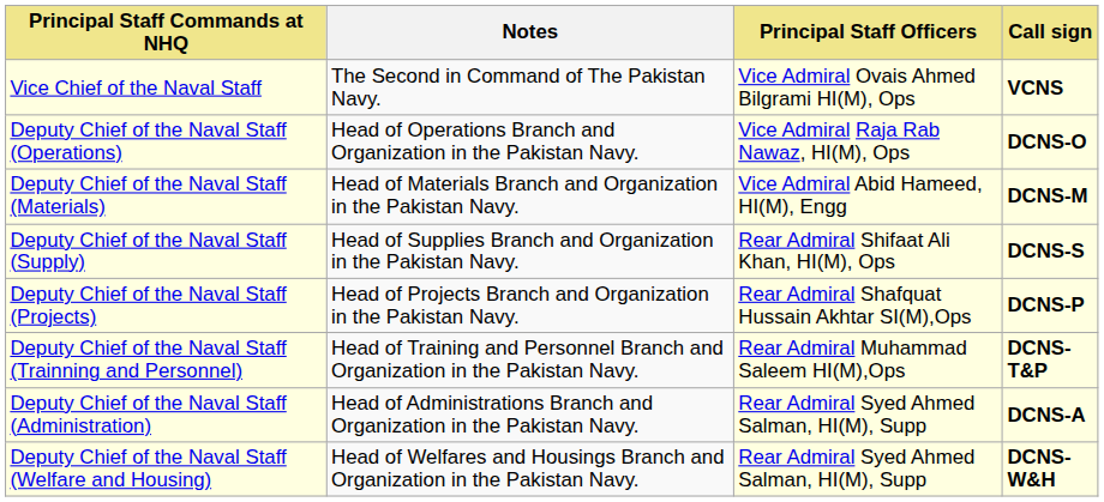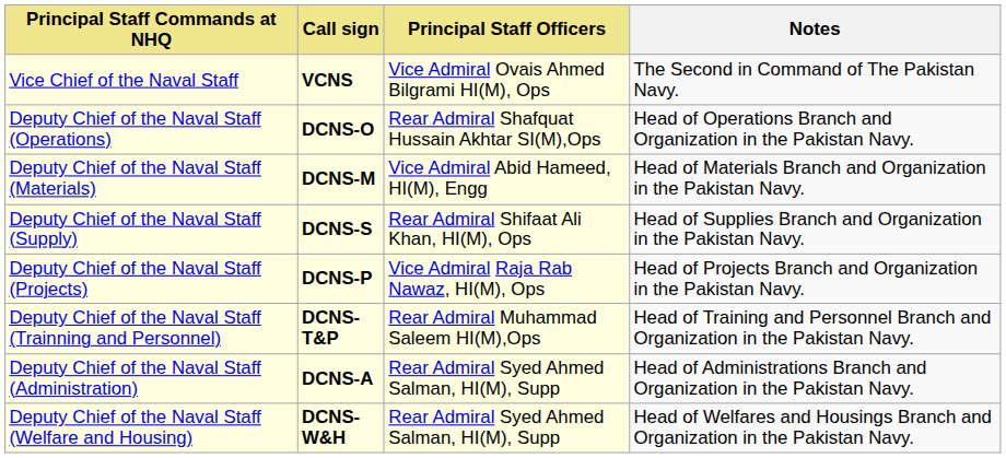 <table class="wikitable">
 <tr>
 <th style="background:khaki;">Principal Staff Commands at NHQ</th>
+<th style="background:khaki;">Call sign</th>
+<th style="background:khaki;">Principal Staff Officers</th>
 <th>Notes</th>
-<th style="background:khaki;">Principal Staff Officers</th>
-<th style="background:khaki;">Call sign</th>
 </tr>
 <tr>
 <td style="background:#FFFFE0  ;"><a href='#'>Vice Chief of the Naval Staff</a></td>
+<td style="background:#FFFFE0  ;"><strong> VCNS</strong></td>
+<td style="background:#FFFFE0  ;"><a href='#'>Vice Admiral</a> Ovais Ahmed Bilgrami HI(M), Ops</td>
 <td>The Second in Command of The Pakistan Navy.</td>
-<td style="background:#FFFFE0  ;"><a href='#'>Vice Admiral</a> Ovais Ahmed Bilgrami HI(M), Ops</td>
-<td style="background:#FFFFE0  ;"><strong> VCNS</strong></td>
 </tr>
 <tr>
 <td style="background:#FFFFE0  ;"><a href='#'>Deputy Chief of the Naval Staff (Operations)</a></td>
+<td style="background:#FFFFE0  ;"><strong>DCNS-O</strong></td>
+<td style="background:#FFFFE0  ;"><a href='#'>Rear Admiral</a> Shafquat Hussain Akhtar SI(M),Ops</td>
 <td>Head of Operations Branch and Organization in the Pakistan Navy.</td>
-<td style="background:#FFFFE0  ;"><a href='#'>Vice Admiral</a> <a href='#'>Raja Rab Nawaz</a>, HI(M), Ops</td>
-<td style="background:#FFFFE0  ;"><strong>DCNS-O</strong></td>
 </tr>
 <tr>
 <td style="background:#FFFFE0  ;"><a href='#'>Deputy Chief of the Naval Staff (Materials)</a></td>
+<td style="background:#FFFFE0  ;"><strong>DCNS-M</strong></td>
+<td style="background:#FFFFE0  ;"><a href='#'>Vice Admiral</a> Abid Hameed, HI(M), Engg</td>
 <td>Head of Materials Branch and Organization in the Pakistan Navy.</td>
-<td style="background:#FFFFE0  ;"><a href='#'>Vice Admiral</a> Abid Hameed, HI(M), Engg</td>
-<td style="background:#FFFFE0  ;"><strong>DCNS-M</strong></td>
 </tr>
 <tr>
 <td style="background:#FFFFE0  ;"><a href='#'>Deputy Chief of the Naval Staff (Supply)</a></td>
+<td style="background:#FFFFE0  ;"><strong>DCNS-S</strong></td>
+<td style="background:#FFFFE0  ;"><a href='#'>Rear Admiral</a> Shifaat Ali Khan, HI(M), Ops</td>
 <td>Head of Supplies Branch and Organization in the Pakistan Navy.</td>
-<td style="background:#FFFFE0  ;"><a href='#'>Rear Admiral</a> Shifaat Ali Khan, HI(M), Ops</td>
-<td style="background:#FFFFE0  ;"><strong>DCNS-S</strong></td>
 </tr>
 <tr>
 <td style="background:#FFFFE0  ;"><a href='#'>Deputy Chief of the Naval Staff (Projects)</a></td>
+<td style="background:#FFFFE0  ;"><strong>DCNS-P</strong></td>
+<td style="background:#FFFFE0  ;"><a href='#'>Vice Admiral</a> <a href='#'>Raja Rab Nawaz</a>, HI(M), Ops</td>
 <td>Head of Projects Branch and Organization in the Pakistan Navy.</td>
-<td style="background:#FFFFE0  ;"><a href='#'>Rear Admiral</a> Shafquat Hussain Akhtar SI(M),Ops</td>
-<td style="background:#FFFFE0  ;"><strong>DCNS-P</strong></td>
 </tr>
 <tr>
 <td style="background:#FFFFE0  ;"><a href='#'>Deputy Chief of the Naval Staff (Trainning and Personnel)</a></td>
+<td style="background:#FFFFE0 ;"><strong>DCNS-T&P</strong></td>
+<td style="background:#FFFFE0 ;"><a href='#'>Rear Admiral</a> Muhammad Saleem HI(M),Ops</td>
 <td>Head of Training and Personnel Branch and Organization in the Pakistan Navy.</td>
-<td style="background:#FFFFE0 ;"><a href='#'>Rear Admiral</a> Muhammad Saleem HI(M),Ops</td>
-<td style="background:#FFFFE0 ;"><strong>DCNS-T&P</strong></td>
 </tr>
 <tr>
 <td style="background:#FFFFE0  ;"><a href='#'>Deputy Chief of the Naval Staff (Administration)</a></td>
+<td style="background:#FFFFE0  ;"><strong>DCNS-A</strong></td>
+<td style="background:#FFFFE0  ;"><a href='#'>Rear Admiral</a> Syed Ahmed Salman, HI(M), Supp</td>
 <td>Head of Administrations Branch and Organization in the Pakistan Navy.</td>
-<td style="background:#FFFFE0  ;"><a href='#'>Rear Admiral</a> Syed Ahmed Salman, HI(M), Supp</td>
-<td style="background:#FFFFE0  ;"><strong>DCNS-A</strong></td>
 </tr>
 <tr>
 <td style="background:#FFFFE0  ;"><a href='#'>Deputy Chief of the Naval Staff (Welfare and Housing)</a></td>
+<td style="background:#FFFFE0  ;"><strong>DCNS-W&H</strong></td>
+<td style="background:#FFFFE0  ;"><a href='#'>Rear Admiral</a> Syed Ahmed Salman, HI(M), Supp</td>
 <td>Head of Welfares and Housings Branch and Organization in the Pakistan Navy.</td>
-<td style="background:#FFFFE0  ;"><a href='#'>Rear Admiral</a> Syed Ahmed Salman, HI(M), Supp</td>
-<td style="background:#FFFFE0  ;"><strong>DCNS-W&H</strong></td>
 </tr>
 </table>
